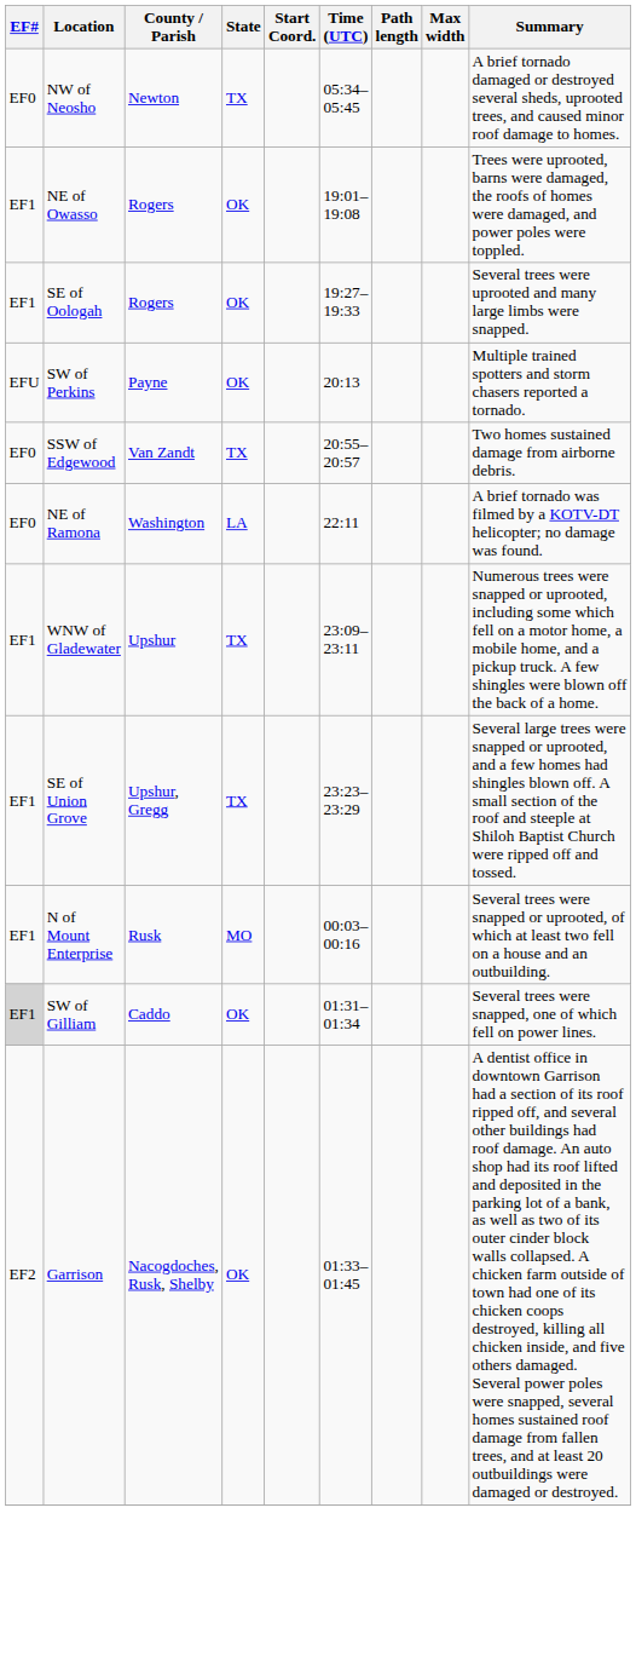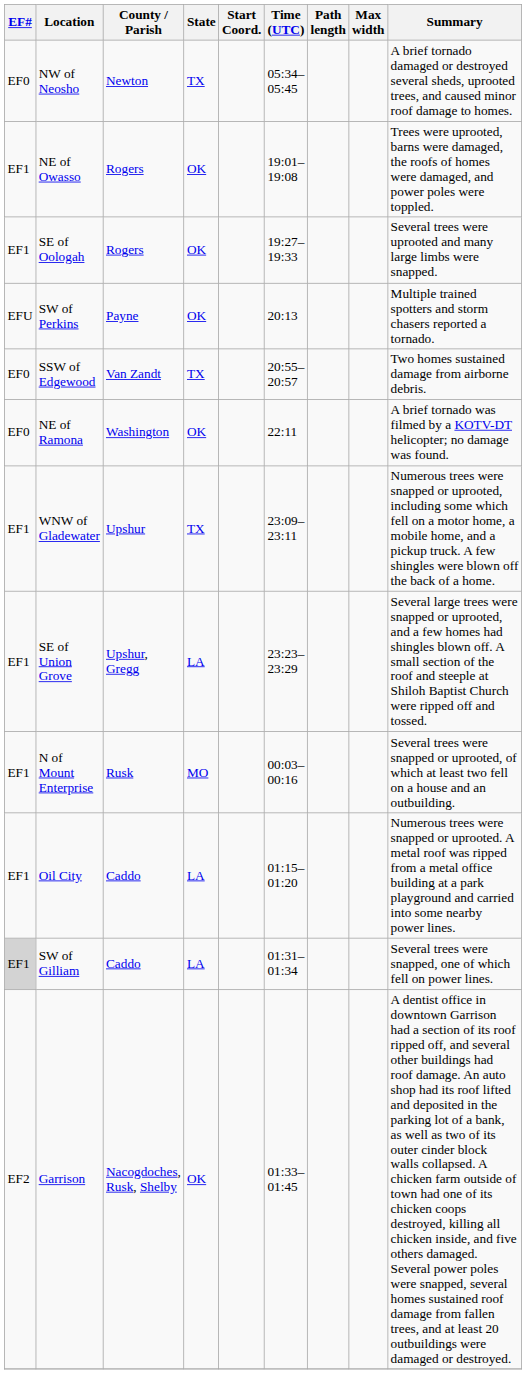 <table class="wikitable sortable" style="width:100%;">
 <tr>
 <th scope="col"  style="width:3%; text-align:center;"><a href='#'>EF#</a></th>
 <th scope="col"  style="width:7%; text-align:center;" class="unsortable">Location</th>
 <th scope="col"  style="width:6%; text-align:center;" class="unsortable">County / Parish</th>
 <th scope="col"  style="width:5%; text-align:center;">State</th>
 <th scope="col"  style="width:6%; text-align:center;">Start Coord.</th>
 <th scope="col"  style="width:6%; text-align:center;">Time (<a href='#'>UTC</a>)</th>
 <th scope="col"  style="width:6%; text-align:center;">Path length</th>
 <th scope="col"  style="width:6%; text-align:center;">Max width</th>
 <th scope="col" class="unsortable" style="width:48%; text-align:center;">Summary</th>
 </tr>
 <tr>
 <td>EF0</td>
 <td>NW of <a href='#'>Neosho</a></td>
 <td><a href='#'>Newton</a></td>
 <td><a href='#'>TX</a></td>
 <td></td>
 <td>05:34–05:45</td>
 <td></td>
 <td></td>
 <td>A brief tornado damaged or destroyed several sheds, uprooted trees, and caused minor roof damage to homes.</td>
 </tr>
 <tr>
 <td>EF1</td>
 <td>NE of <a href='#'>Owasso</a></td>
 <td><a href='#'>Rogers</a></td>
 <td><a href='#'>OK</a></td>
 <td></td>
 <td>19:01–19:08</td>
 <td></td>
 <td></td>
 <td>Trees were uprooted, barns were damaged, the roofs of homes were damaged, and power poles were toppled.</td>
 </tr>
 <tr>
 <td>EF1</td>
 <td>SE of <a href='#'>Oologah</a></td>
 <td><a href='#'>Rogers</a></td>
 <td><a href='#'>OK</a></td>
 <td></td>
 <td>19:27–19:33</td>
 <td></td>
 <td></td>
 <td>Several trees were uprooted and many large limbs were snapped.</td>
 </tr>
 <tr>
 <td>EFU</td>
 <td>SW of <a href='#'>Perkins</a></td>
 <td><a href='#'>Payne</a></td>
 <td><a href='#'>OK</a></td>
 <td></td>
 <td>20:13</td>
 <td></td>
 <td></td>
 <td>Multiple trained spotters and storm chasers reported a tornado.</td>
 </tr>
 <tr>
 <td>EF0</td>
 <td>SSW of <a href='#'>Edgewood</a></td>
 <td><a href='#'>Van Zandt</a></td>
 <td><a href='#'>TX</a></td>
 <td></td>
 <td>20:55–20:57</td>
 <td></td>
 <td></td>
 <td>Two homes sustained damage from airborne debris.</td>
 </tr>
 <tr>
 <td>EF0</td>
 <td>NE of <a href='#'>Ramona</a></td>
 <td><a href='#'>Washington</a></td>
-<td><a href='#'>LA</a></td>
+<td><a href='#'>OK</a></td>
 <td></td>
 <td>22:11</td>
 <td></td>
 <td></td>
 <td>A brief tornado was filmed by a <a href='#'>KOTV-DT</a> helicopter; no damage was found.</td>
 </tr>
 <tr>
 <td>EF1</td>
 <td>WNW of <a href='#'>Gladewater</a></td>
 <td><a href='#'>Upshur</a></td>
 <td><a href='#'>TX</a></td>
 <td></td>
 <td>23:09–23:11</td>
 <td></td>
 <td></td>
 <td>Numerous trees were snapped or uprooted, including some which fell on a motor home, a mobile home, and a pickup truck. A few shingles were blown off the back of a home.</td>
 </tr>
 <tr>
 <td>EF1</td>
 <td>SE of <a href='#'>Union Grove</a></td>
 <td><a href='#'>Upshur</a>, <a href='#'>Gregg</a></td>
-<td><a href='#'>TX</a></td>
+<td><a href='#'>LA</a></td>
 <td></td>
 <td>23:23–23:29</td>
 <td></td>
 <td></td>
 <td>Several large trees were snapped or uprooted, and a few homes had shingles blown off. A small section of the roof and steeple at Shiloh Baptist Church were ripped off and tossed.</td>
 </tr>
 <tr>
 <td>EF1</td>
 <td>N of <a href='#'>Mount Enterprise</a></td>
 <td><a href='#'>Rusk</a></td>
 <td><a href='#'>MO</a></td>
 <td></td>
 <td>00:03–00:16</td>
 <td></td>
 <td></td>
 <td>Several trees were snapped or uprooted, of which at least two fell on a house and an outbuilding.</td>
 </tr>
 <tr>
+<td>EF1</td>
+<td><a href='#'>Oil City</a></td>
+<td><a href='#'>Caddo</a></td>
+<td><a href='#'>LA</a></td>
+<td></td>
+<td>01:15–01:20</td>
+<td></td>
+<td></td>
+<td>Numerous trees were snapped or uprooted. A metal roof was ripped from a metal office building at a park playground and carried into some nearby power lines.</td>
+</tr>
+<tr>
 <td style="background: lightgrey;">EF1</td>
 <td>SW of <a href='#'>Gilliam</a></td>
 <td><a href='#'>Caddo</a></td>
-<td><a href='#'>OK</a></td>
+<td><a href='#'>LA</a></td>
 <td></td>
 <td>01:31–01:34</td>
 <td></td>
 <td></td>
 <td>Several trees were snapped, one of which fell on power lines.</td>
 </tr>
 <tr>
 <td>EF2</td>
 <td><a href='#'>Garrison</a></td>
 <td><a href='#'>Nacogdoches</a>, <a href='#'>Rusk</a>, <a href='#'>Shelby</a></td>
 <td><a href='#'>OK</a></td>
 <td></td>
 <td>01:33–01:45</td>
 <td></td>
 <td></td>
 <td>A dentist office in downtown Garrison had a section of its roof ripped off, and several other buildings had roof damage. An auto shop had its roof lifted and deposited in the parking lot of a bank, as well as two of its outer cinder block walls collapsed. A chicken farm outside of town had one of its chicken coops destroyed, killing all chicken inside, and five others damaged. Several power poles were snapped, several homes sustained roof damage from fallen trees, and at least 20 outbuildings were damaged or destroyed.</td>
 </tr>
 <tr>
 </tr>
 </table>
